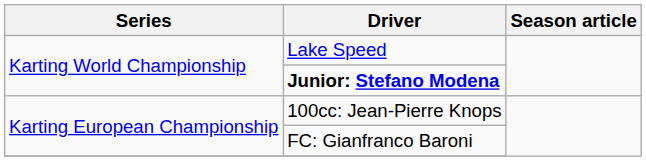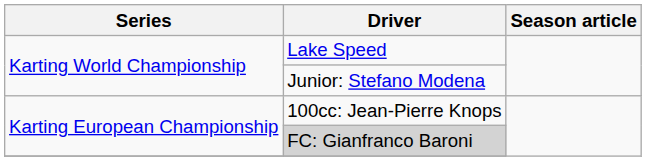 <table class="wikitable" style="font-size: 87%;">
 <tr>
 <th>Series</th>
 <th>Driver</th>
 <th>Season article</th>
 </tr>
 <tr>
 <td rowspan=2><a href='#'>Karting World Championship</a></td>
 <td> <a href='#'>Lake Speed</a></td>
 <td rowspan=2></td>
 </tr>
 <tr>
-<td><strong>Junior:  <a href='#'>Stefano Modena</a></strong></td>
+<td>Junior:  <a href='#'>Stefano Modena</a></td>
 </tr>
 <tr>
 <td rowspan=2><a href='#'>Karting European Championship</a></td>
 <td>100cc:  Jean-Pierre Knops</td>
 </tr>
 <tr>
-<td>FC:  Gianfranco Baroni</td>
+<td style="background: lightgrey;">FC:  Gianfranco Baroni</td>
 </tr>
 <tr>
 </tr>
 </table>
